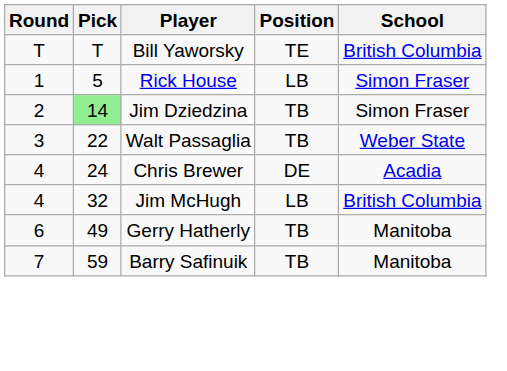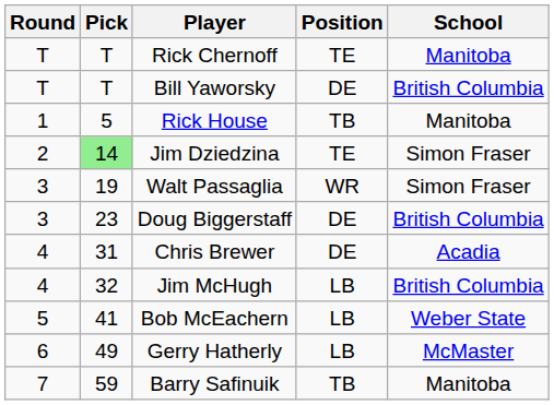 <table class="wikitable" style="font-size: 95%;">
 <tr>
 <th scope="col">Round</th>
 <th scope="col">Pick</th>
 <th scope="col">Player</th>
 <th scope="col">Position</th>
 <th scope="col">School</th>
 </tr>
 <tr align="center">
 <td align=center>T</td>
 <td>T</td>
+<td>Rick Chernoff</td>
+<td>TE</td>
+<td><a href='#'>Manitoba</a></td>
+</tr>
+<tr align="center">
+<td align=center>T</td>
+<td>T</td>
 <td>Bill Yaworsky</td>
-<td>TE</td>
+<td>DE</td>
 <td><a href='#'>British Columbia</a></td>
 </tr>
 <tr align="center">
 <td align=center>1</td>
 <td>5</td>
 <td><a href='#'>Rick House</a></td>
-<td>LB</td>
-<td><a href='#'>Simon Fraser</a></td>
+<td>TB</td>
+<td>Manitoba</td>
 </tr>
 <tr align="center">
 <td align=center>2</td>
 <td style="background: lightgreen;">14</td>
 <td>Jim Dziedzina</td>
-<td>TB</td>
+<td>TE</td>
 <td>Simon Fraser</td>
 </tr>
 <tr align="center">
 <td align=center>3</td>
-<td>22</td>
+<td>19</td>
 <td>Walt Passaglia</td>
-<td>TB</td>
-<td><a href='#'>Weber State</a></td>
+<td>WR</td>
+<td>Simon Fraser</td>
+</tr>
+<tr align="center">
+<td align=center>3</td>
+<td>23</td>
+<td>Doug Biggerstaff</td>
+<td>DE</td>
+<td><a href='#'>British Columbia</a></td>
 </tr>
 <tr align="center">
 <td align=center>4</td>
-<td>24</td>
+<td>31</td>
 <td>Chris Brewer</td>
 <td>DE</td>
 <td><a href='#'>Acadia</a></td>
 </tr>
 <tr align="center">
 <td align=center>4</td>
 <td>32</td>
 <td>Jim McHugh</td>
 <td>LB</td>
 <td><a href='#'>British Columbia</a></td>
 </tr>
 <tr align="center">
+<td align=center>5</td>
+<td>41</td>
+<td>Bob McEachern</td>
+<td>LB</td>
+<td><a href='#'>Weber State</a></td>
+</tr>
+<tr align="center">
 <td align=center>6</td>
 <td>49</td>
 <td>Gerry Hatherly</td>
-<td>TB</td>
-<td>Manitoba</td>
+<td>LB</td>
+<td><a href='#'>McMaster</a></td>
 </tr>
 <tr align="center">
 <td align=center>7</td>
 <td>59</td>
 <td>Barry Safinuik</td>
 <td>TB</td>
 <td>Manitoba</td>
 </tr>
 </table>
